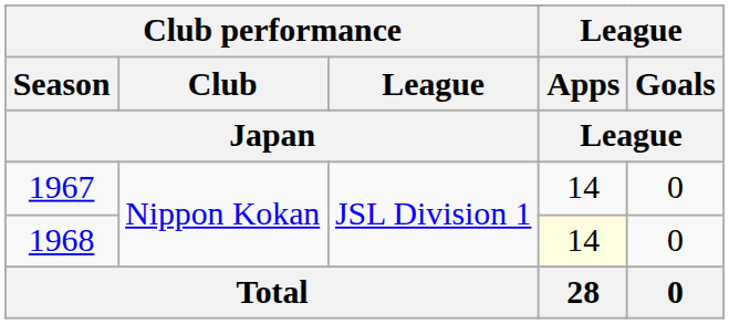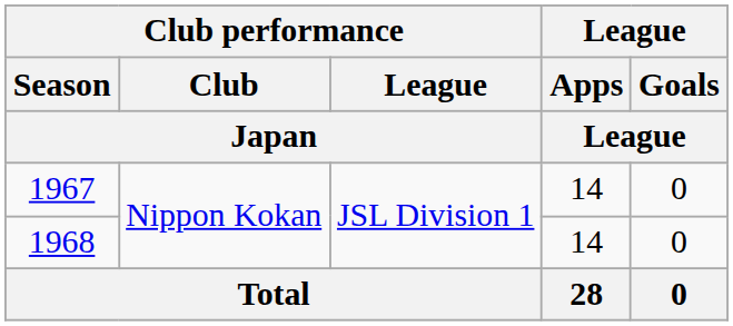 <table class="wikitable" style="text-align:center;">
 <tr>
 <th colspan=3>Club performance</th>
 <th colspan=2>League</th>
 </tr>
 <tr>
 <th>Season</th>
 <th>Club</th>
 <th>League</th>
 <th>Apps</th>
 <th>Goals</th>
 </tr>
 <tr>
 <th colspan=3>Japan</th>
 <th colspan=2>League</th>
 </tr>
 <tr>
 <td><a href='#'>1967</a></td>
 <td rowspan="2"><a href='#'>Nippon Kokan</a></td>
 <td rowspan="2"><a href='#'>JSL Division 1</a></td>
 <td>14</td>
 <td>0</td>
 </tr>
 <tr>
 <td><a href='#'>1968</a></td>
-<td style="background: lightyellow;">14</td>
+<td>14</td>
 <td>0</td>
 </tr>
 <tr>
 <th colspan=3>Total</th>
 <th>28</th>
 <th>0</th>
 </tr>
 </table>
